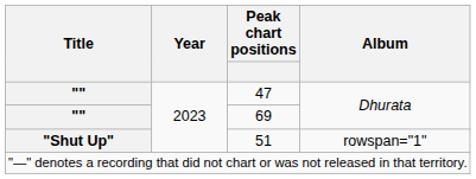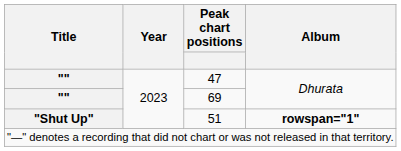 <table class="wikitable plainrowheaders" style="text-align:center;">
 <tr>
 <th scope="col" rowspan="2">Title</th>
 <th scope="col" rowspan="2">Year</th>
 <th scope="col" colspan="1">Peak<br>chart<br>positions</th>
 <th scope="col" rowspan="2">Album</th>
 </tr>
 <tr>
 <th style="width:3em; font-size:85%;"><a href='#'></a><br></th>
 </tr>
 <tr>
 <th scope="row">""</th>
 <td rowspan="3">2023</td>
 <td>47</td>
 <td rowspan="2"><em>Dhurata</em></td>
 </tr>
 <tr>
 <th scope="row">""<br></th>
 <td>69</td>
 </tr>
 <tr>
 <th scope="row">"Shut Up"<br></th>
 <td>51</td>
-<td>rowspan="1" </td>
+<td><strong>rowspan="1" </strong></td>
 </tr>
 <tr>
 <td colspan="4" style="font-size:90%">"—" denotes a recording that did not chart or was not released in that territory.</td>
 </tr>
 </table>
